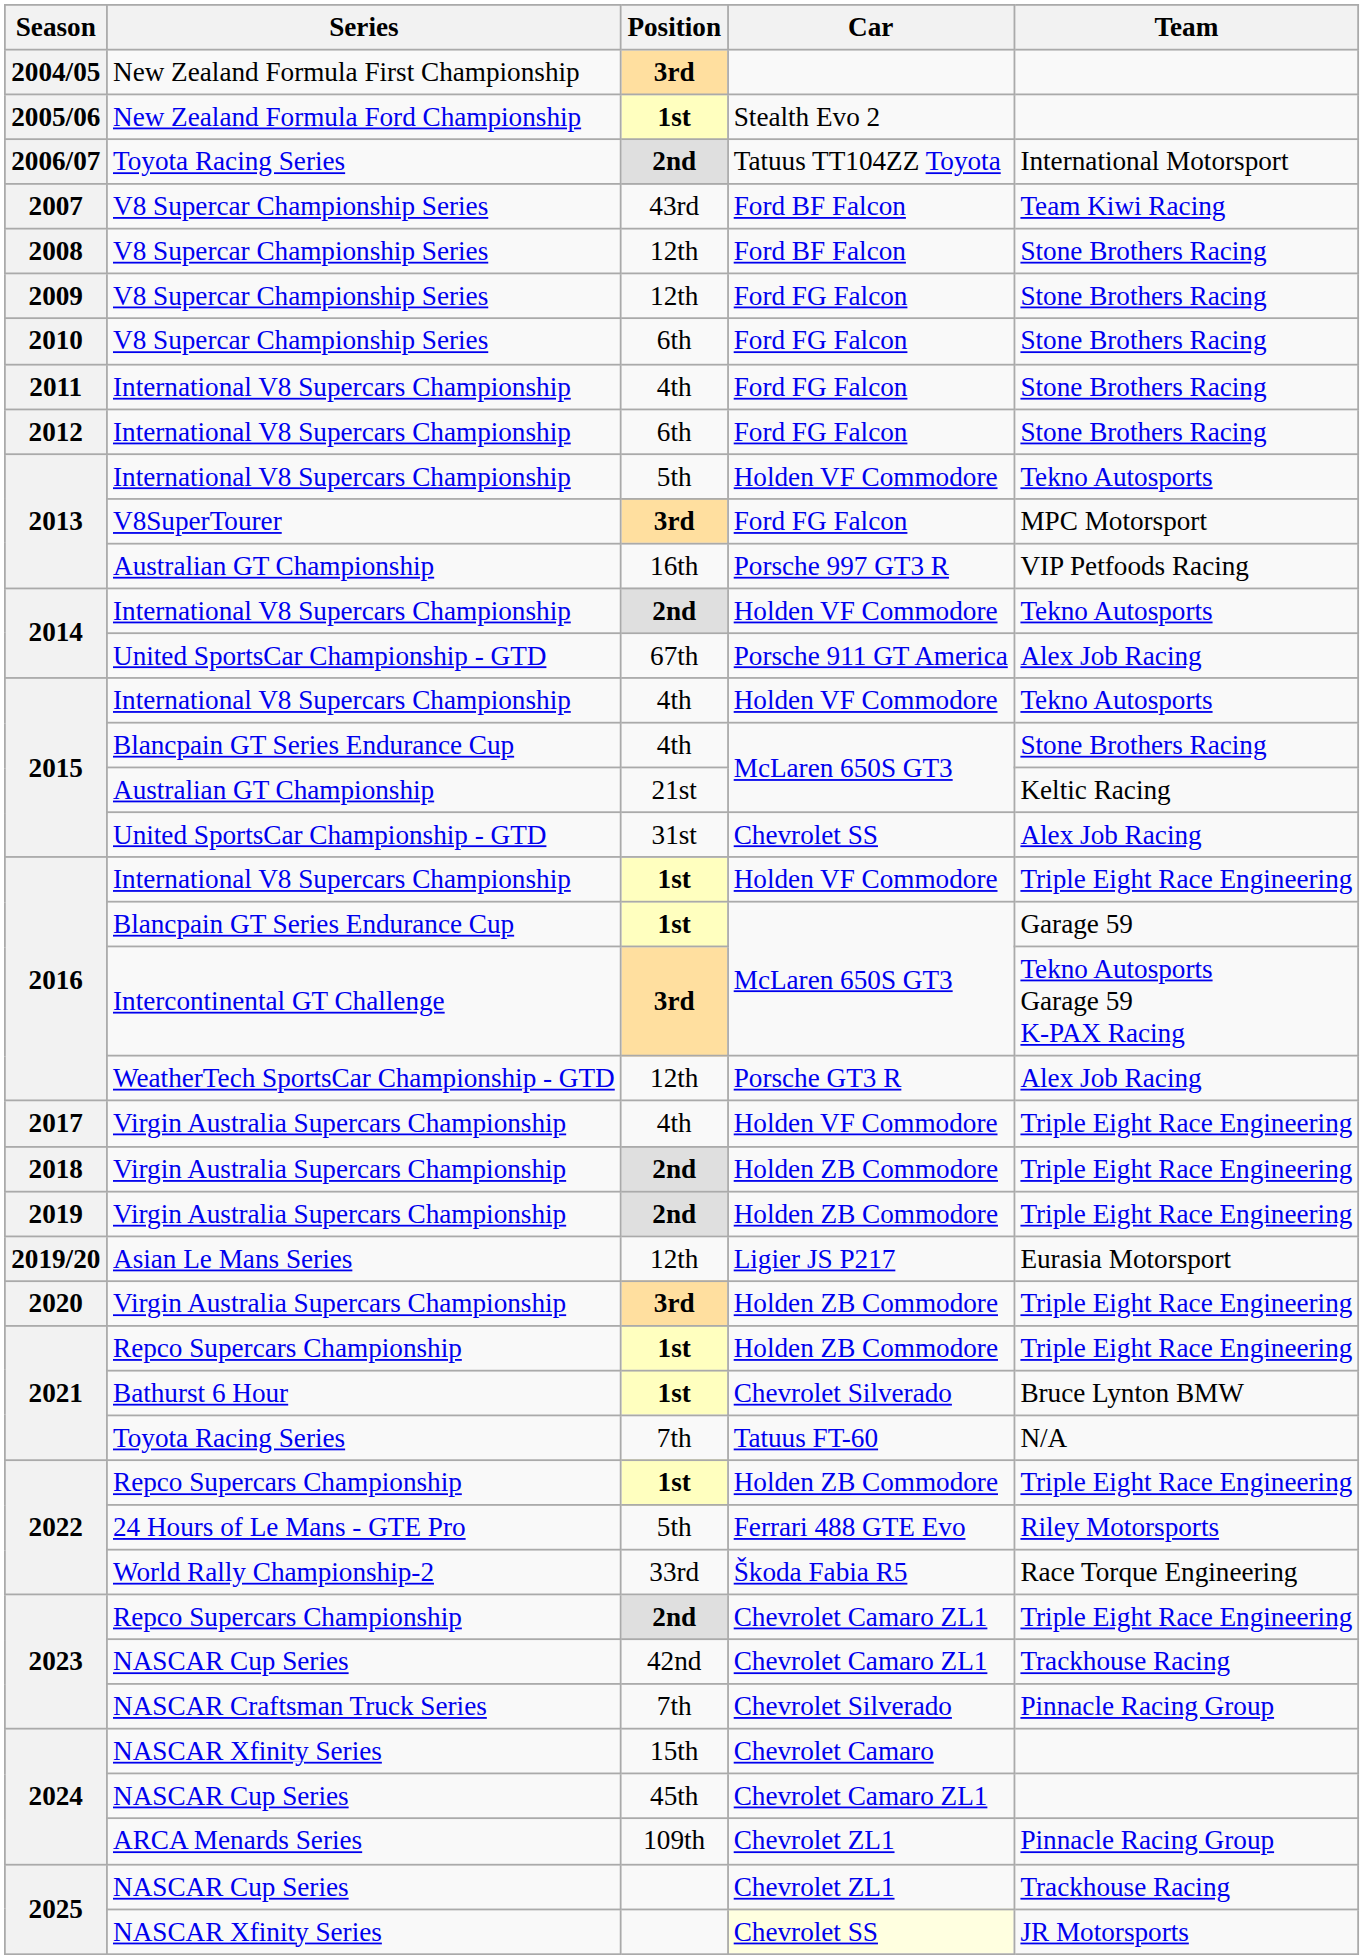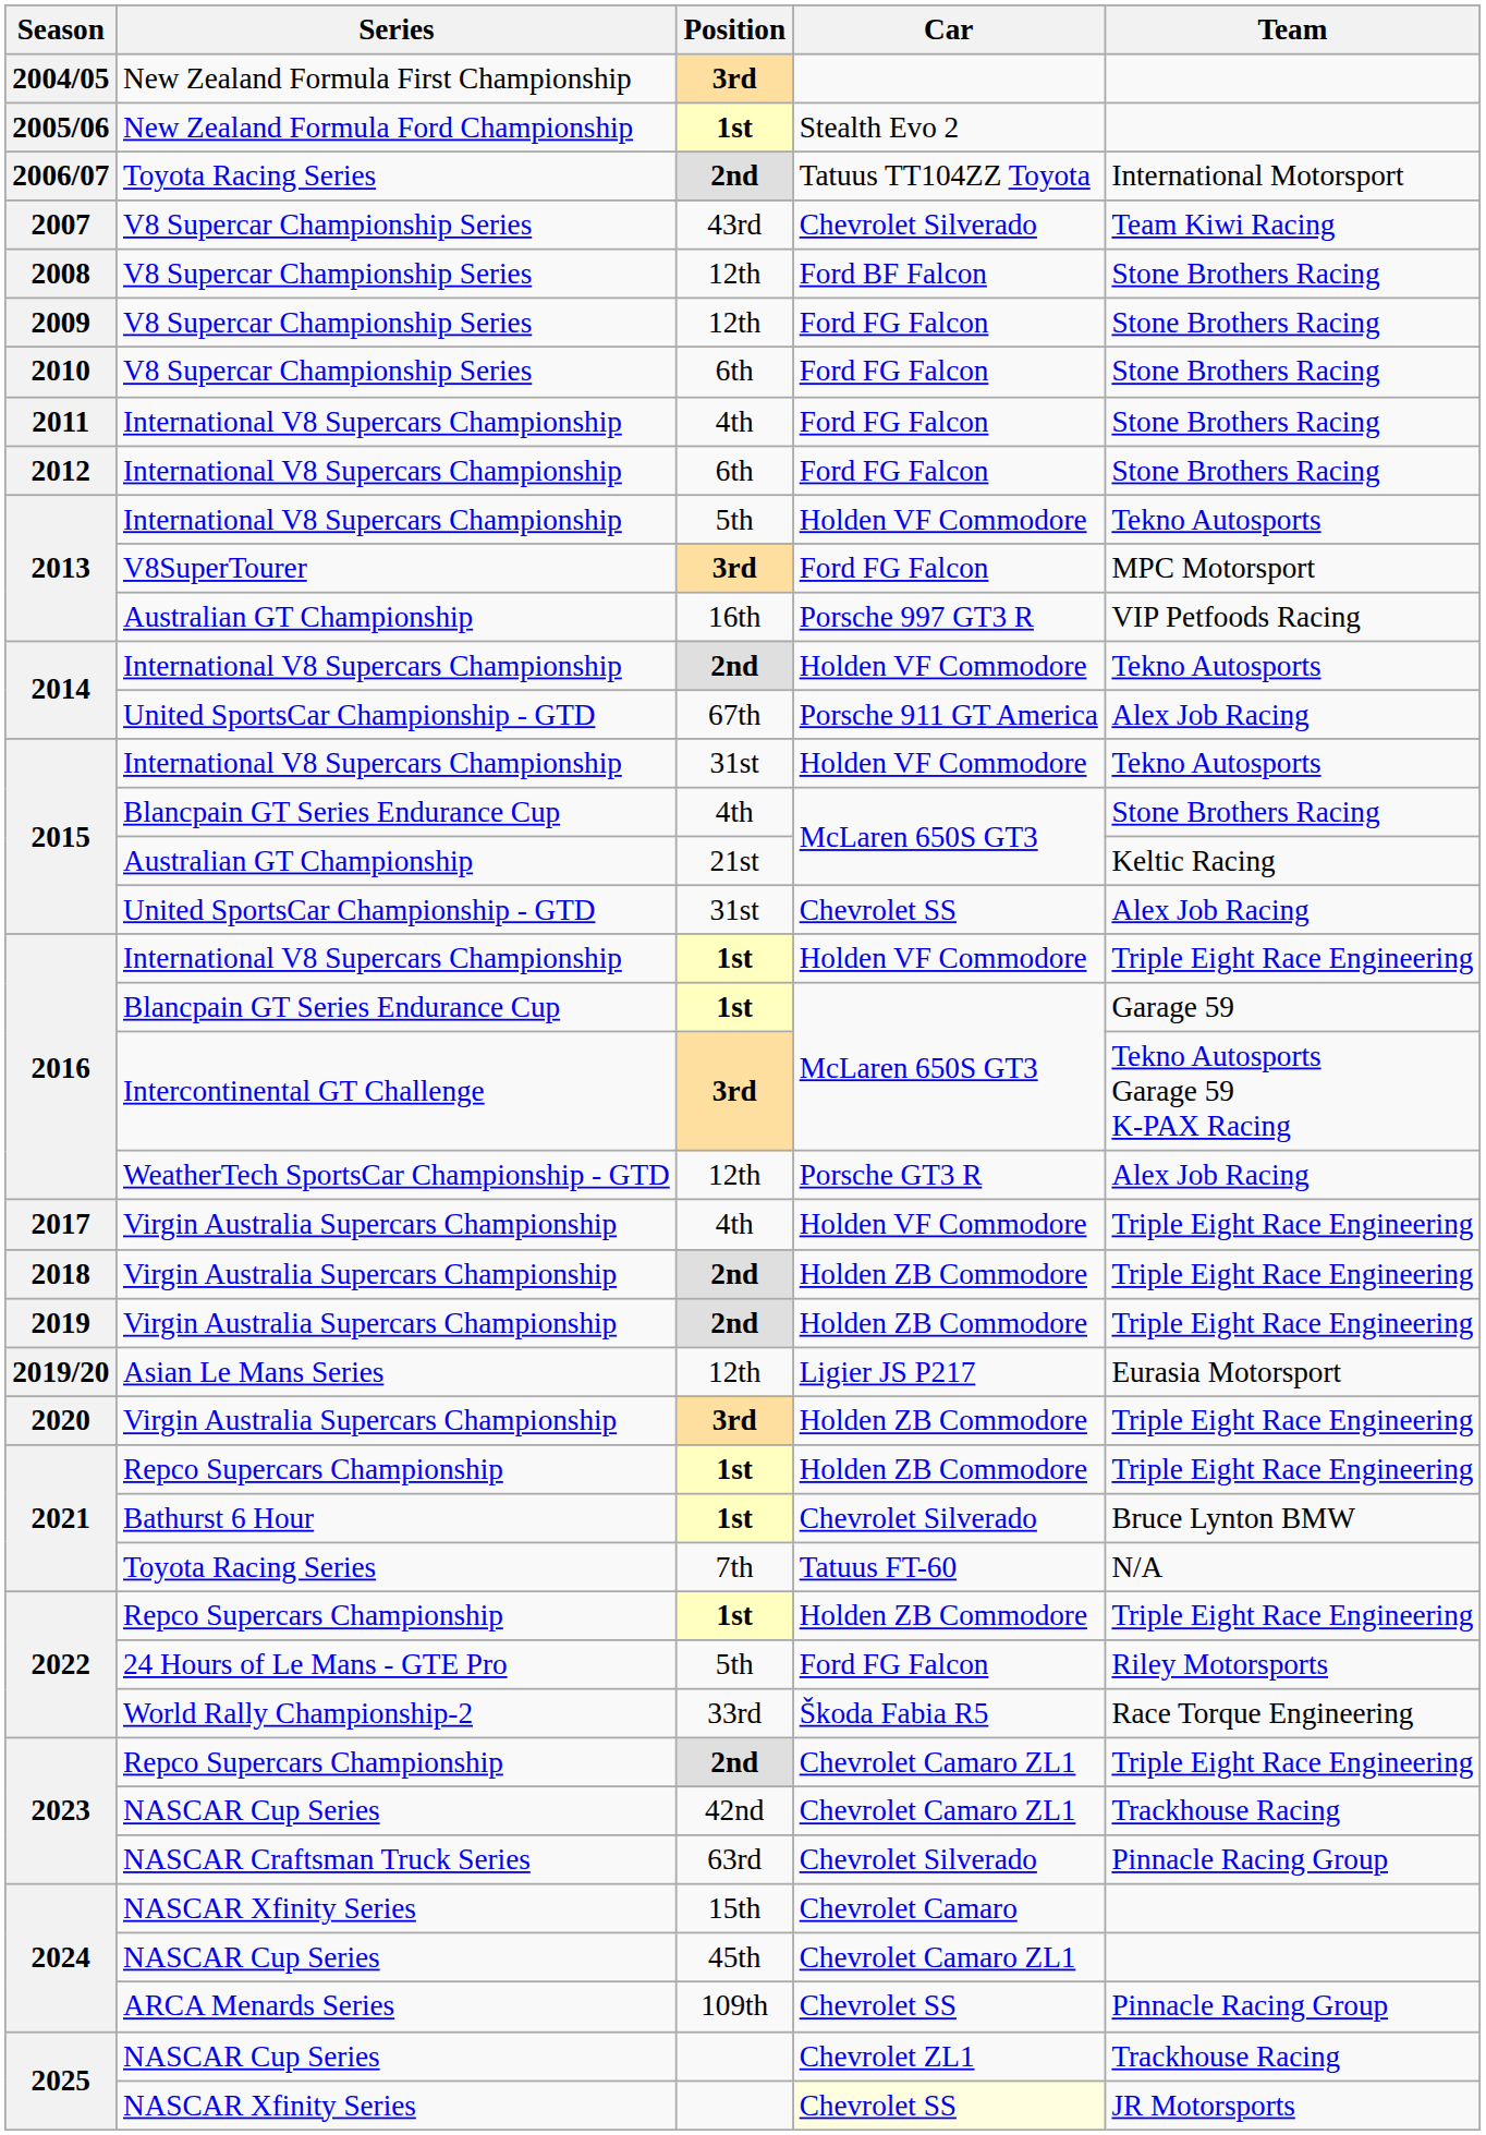 <table class="wikitable" style="font-size: 95%;">
 <tr>
 <th>Season</th>
 <th>Series</th>
 <th>Position</th>
 <th>Car</th>
 <th>Team</th>
 </tr>
 <tr>
 <th>2004/05</th>
 <td>New Zealand Formula First Championship</td>
 <td align="center" style="background:#ffdf9f"><strong>3rd</strong></td>
 <td></td>
 <td></td>
 </tr>
 <tr>
 <th>2005/06</th>
 <td><a href='#'>New Zealand Formula Ford Championship</a></td>
 <td align="center" style="background:#ffffbf"><strong>1st</strong></td>
 <td>Stealth Evo 2</td>
 <td></td>
 </tr>
 <tr>
 <th>2006/07</th>
 <td><a href='#'>Toyota Racing Series</a></td>
 <td align="center" style="background:#dfdfdf"><strong>2nd</strong></td>
 <td>Tatuus TT104ZZ <a href='#'>Toyota</a></td>
 <td>International Motorsport</td>
 </tr>
 <tr>
 <th>2007</th>
 <td><a href='#'>V8 Supercar Championship Series</a></td>
 <td align="center">43rd</td>
-<td><a href='#'>Ford BF Falcon</a></td>
+<td><a href='#'>Chevrolet Silverado</a></td>
 <td><a href='#'>Team Kiwi Racing</a></td>
 </tr>
 <tr>
 <th>2008</th>
 <td><a href='#'>V8 Supercar Championship Series</a></td>
 <td align=center style="background:">12th</td>
 <td><a href='#'>Ford BF Falcon</a></td>
 <td><a href='#'>Stone Brothers Racing</a></td>
 </tr>
 <tr>
 <th>2009</th>
 <td><a href='#'>V8 Supercar Championship Series</a></td>
 <td align="center">12th</td>
 <td><a href='#'>Ford FG Falcon</a></td>
 <td><a href='#'>Stone Brothers Racing</a></td>
 </tr>
 <tr>
 <th>2010</th>
 <td><a href='#'>V8 Supercar Championship Series</a></td>
 <td align="center">6th</td>
 <td><a href='#'>Ford FG Falcon</a></td>
 <td><a href='#'>Stone Brothers Racing</a></td>
 </tr>
 <tr>
 <th>2011</th>
 <td><a href='#'>International V8 Supercars Championship</a></td>
 <td align="center">4th</td>
 <td><a href='#'>Ford FG Falcon</a></td>
 <td><a href='#'>Stone Brothers Racing</a></td>
 </tr>
 <tr>
 <th>2012</th>
 <td><a href='#'>International V8 Supercars Championship</a></td>
 <td align="center">6th</td>
 <td><a href='#'>Ford FG Falcon</a></td>
 <td><a href='#'>Stone Brothers Racing</a></td>
 </tr>
 <tr>
 <th rowspan=3>2013</th>
 <td><a href='#'>International V8 Supercars Championship</a></td>
 <td align="center">5th</td>
 <td><a href='#'>Holden VF Commodore</a></td>
 <td><a href='#'>Tekno Autosports</a></td>
 </tr>
 <tr>
 <td><a href='#'>V8SuperTourer</a></td>
 <td align="center" style="background:#ffdf9f"><strong>3rd</strong></td>
 <td><a href='#'>Ford FG Falcon</a></td>
 <td>MPC Motorsport</td>
 </tr>
 <tr>
 <td><a href='#'>Australian GT Championship</a></td>
 <td align="center">16th</td>
 <td><a href='#'>Porsche 997 GT3 R</a></td>
 <td>VIP Petfoods Racing</td>
 </tr>
 <tr>
 <th rowspan=2>2014</th>
 <td><a href='#'>International V8 Supercars Championship</a></td>
 <td align="center" style="background:#dfdfdf"><strong>2nd</strong></td>
 <td><a href='#'>Holden VF Commodore</a></td>
 <td><a href='#'>Tekno Autosports</a></td>
 </tr>
 <tr>
 <td><a href='#'>United SportsCar Championship - GTD</a></td>
 <td align="center">67th</td>
 <td><a href='#'>Porsche 911 GT America</a></td>
 <td><a href='#'>Alex Job Racing</a></td>
 </tr>
 <tr>
 <th rowspan=4>2015</th>
 <td><a href='#'>International V8 Supercars Championship</a></td>
-<td align="center">4th</td>
+<td align="center">31st</td>
 <td><a href='#'>Holden VF Commodore</a></td>
 <td><a href='#'>Tekno Autosports</a></td>
 </tr>
 <tr>
 <td><a href='#'>Blancpain GT Series Endurance Cup</a></td>
 <td align="center">4th</td>
 <td rowspan=2><a href='#'>McLaren 650S GT3</a></td>
 <td><a href='#'>Stone Brothers Racing</a></td>
 </tr>
 <tr>
 <td><a href='#'>Australian GT Championship</a></td>
 <td align="center">21st</td>
 <td>Keltic Racing</td>
 </tr>
 <tr>
 <td><a href='#'>United SportsCar Championship - GTD</a></td>
 <td align="center">31st</td>
 <td><a href='#'>Chevrolet SS</a></td>
 <td><a href='#'>Alex Job Racing</a></td>
 </tr>
 <tr>
 <th rowspan=4>2016</th>
 <td><a href='#'>International V8 Supercars Championship</a></td>
 <td align="center" style="background:#ffffbf"><strong>1st</strong></td>
 <td><a href='#'>Holden VF Commodore</a></td>
 <td><a href='#'>Triple Eight Race Engineering</a></td>
 </tr>
 <tr>
 <td><a href='#'>Blancpain GT Series Endurance Cup</a></td>
 <td align="center" style="background:#ffffbf"><strong>1st</strong></td>
 <td rowspan=2><a href='#'>McLaren 650S GT3</a></td>
 <td>Garage 59</td>
 </tr>
 <tr>
 <td><a href='#'>Intercontinental GT Challenge</a></td>
 <td align="center" style="background:#ffdf9f"><strong>3rd</strong></td>
 <td><a href='#'>Tekno Autosports</a><br>Garage 59<br><a href='#'>K-PAX Racing</a></td>
 </tr>
 <tr>
 <td><a href='#'>WeatherTech SportsCar Championship - GTD</a></td>
 <td align="center">12th</td>
 <td><a href='#'>Porsche GT3 R</a></td>
 <td><a href='#'>Alex Job Racing</a></td>
 </tr>
 <tr>
 <th>2017</th>
 <td><a href='#'>Virgin Australia Supercars Championship</a></td>
 <td align="center">4th</td>
 <td><a href='#'>Holden VF Commodore</a></td>
 <td><a href='#'>Triple Eight Race Engineering</a></td>
 </tr>
 <tr>
 <th>2018</th>
 <td><a href='#'>Virgin Australia Supercars Championship</a></td>
 <td align="center" style="background:#dfdfdf"><strong>2nd</strong></td>
 <td><a href='#'>Holden ZB Commodore</a></td>
 <td><a href='#'>Triple Eight Race Engineering</a></td>
 </tr>
 <tr>
 <th>2019</th>
 <td><a href='#'>Virgin Australia Supercars Championship</a></td>
 <td align="center" style="background:#dfdfdf"><strong>2nd</strong></td>
 <td><a href='#'>Holden ZB Commodore</a></td>
 <td><a href='#'>Triple Eight Race Engineering</a></td>
 </tr>
 <tr>
 <th>2019/20</th>
 <td><a href='#'>Asian Le Mans Series</a></td>
 <td align="center">12th</td>
 <td><a href='#'>Ligier JS P217</a></td>
 <td>Eurasia Motorsport</td>
 </tr>
 <tr>
 <th>2020</th>
 <td><a href='#'>Virgin Australia Supercars Championship</a></td>
 <td align="center" style="background:#ffdf9f"><strong>3rd</strong></td>
 <td><a href='#'>Holden ZB Commodore</a></td>
 <td><a href='#'>Triple Eight Race Engineering</a></td>
 </tr>
 <tr>
 <th rowspan=3>2021</th>
 <td><a href='#'>Repco Supercars Championship</a></td>
 <td align=center style="background:#ffffbf"><strong>1st</strong></td>
 <td><a href='#'>Holden ZB Commodore</a></td>
 <td><a href='#'>Triple Eight Race Engineering</a></td>
 </tr>
 <tr>
 <td><a href='#'>Bathurst 6 Hour</a></td>
 <td align=center style="background:#ffffbf"><strong>1st</strong></td>
 <td><a href='#'>Chevrolet Silverado</a></td>
 <td>Bruce Lynton BMW</td>
 </tr>
 <tr>
 <td><a href='#'>Toyota Racing Series</a></td>
 <td align="center">7th</td>
 <td><a href='#'>Tatuus FT-60</a></td>
 <td>N/A</td>
 </tr>
 <tr>
 <th rowspan="3">2022</th>
 <td><a href='#'>Repco Supercars Championship</a></td>
 <td align=center style="background:#ffffbf "><strong>1st</strong></td>
 <td><a href='#'>Holden ZB Commodore</a></td>
 <td><a href='#'>Triple Eight Race Engineering</a></td>
 </tr>
 <tr>
 <td><a href='#'>24 Hours of Le Mans - GTE Pro</a></td>
 <td align=center>5th</td>
-<td><a href='#'>Ferrari 488 GTE Evo</a></td>
+<td><a href='#'>Ford FG Falcon</a></td>
 <td><a href='#'>Riley Motorsports</a></td>
 </tr>
 <tr>
 <td><a href='#'>World Rally Championship-2</a></td>
 <td align="center">33rd</td>
 <td><a href='#'>Škoda Fabia R5</a></td>
 <td>Race Torque Engineering</td>
 </tr>
 <tr>
 <th rowspan="3">2023</th>
 <td><a href='#'>Repco Supercars Championship</a></td>
 <td align="center" style="background:#dfdfdf"><strong>2nd</strong></td>
 <td><a href='#'>Chevrolet Camaro ZL1</a></td>
 <td><a href='#'>Triple Eight Race Engineering</a></td>
 </tr>
 <tr>
 <td><a href='#'>NASCAR Cup Series</a></td>
 <td align=center style="background:">42nd</td>
 <td><a href='#'>Chevrolet Camaro ZL1</a></td>
 <td><a href='#'>Trackhouse Racing</a></td>
 </tr>
 <tr>
 <td><a href='#'>NASCAR Craftsman Truck Series</a></td>
-<td align="center">7th</td>
+<td align=center style="background:">63rd</td>
 <td><a href='#'>Chevrolet Silverado</a></td>
 <td><a href='#'>Pinnacle Racing Group</a></td>
 </tr>
 <tr>
 <th rowspan=3>2024</th>
 <td><a href='#'>NASCAR Xfinity Series</a></td>
 <td align="center">15th</td>
 <td><a href='#'>Chevrolet Camaro</a></td>
 <td></td>
 </tr>
 <tr>
 <td><a href='#'>NASCAR Cup Series</a></td>
 <td align=center style"background:">45th</td>
 <td><a href='#'>Chevrolet Camaro ZL1</a></td>
 <td></td>
 </tr>
 <tr>
 <td><a href='#'>ARCA Menards Series</a></td>
 <td align=center>109th</td>
-<td><a href='#'>Chevrolet ZL1</a></td>
+<td><a href='#'>Chevrolet SS</a></td>
 <td><a href='#'>Pinnacle Racing Group</a></td>
 </tr>
 <tr>
 <th rowspan=2>2025</th>
 <td><a href='#'>NASCAR Cup Series</a></td>
 <td align=center style"background:"></td>
 <td><a href='#'>Chevrolet ZL1</a></td>
 <td><a href='#'>Trackhouse Racing</a></td>
 </tr>
 <tr>
 <td><a href='#'>NASCAR Xfinity Series</a></td>
 <td align=center style="background:"></td>
 <td style="background: lightyellow;"><a href='#'>Chevrolet SS</a></td>
 <td><a href='#'>JR Motorsports</a></td>
 </tr>
 </table>
